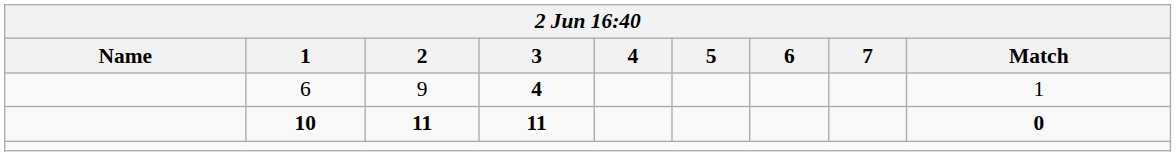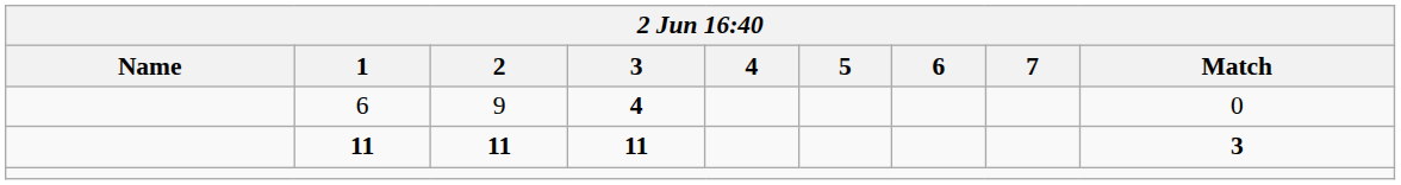 <table class=wikitable style="text-align:center; width: 55%">
 <tr>
 <th colspan=17><em>2 Jun 16:40</em></th>
 </tr>
 <tr>
 <th>Name</th>
 <th>1</th>
 <th>2</th>
 <th>3</th>
 <th>4</th>
 <th>5</th>
 <th>6</th>
 <th>7</th>
 <th>Match</th>
 </tr>
 <tr>
 <td style="text-align:left;"></td>
 <td>6</td>
 <td>9</td>
 <td><strong>4</strong></td>
 <td></td>
 <td></td>
 <td></td>
 <td></td>
-<td>1</td>
+<td>0</td>
 </tr>
 <tr>
 <td style="text-align:left;"><strong></strong></td>
-<td><strong>10</strong></td>
+<td><strong>11</strong></td>
 <td><strong>11</strong></td>
 <td><strong>11</strong></td>
 <td></td>
 <td></td>
 <td></td>
 <td></td>
-<td><strong>0</strong></td>
+<td><strong>3</strong></td>
 </tr>
 <tr>
 <td colspan=17></td>
 </tr>
 </table>
